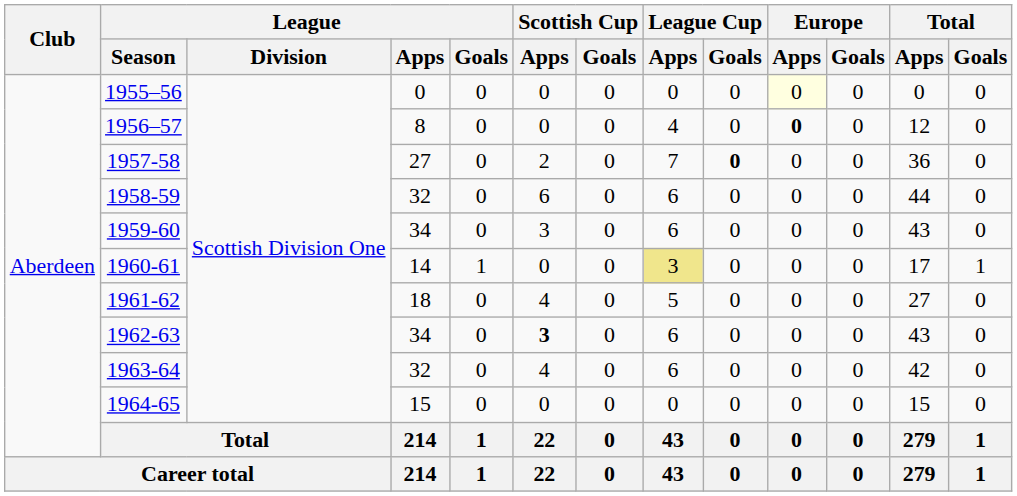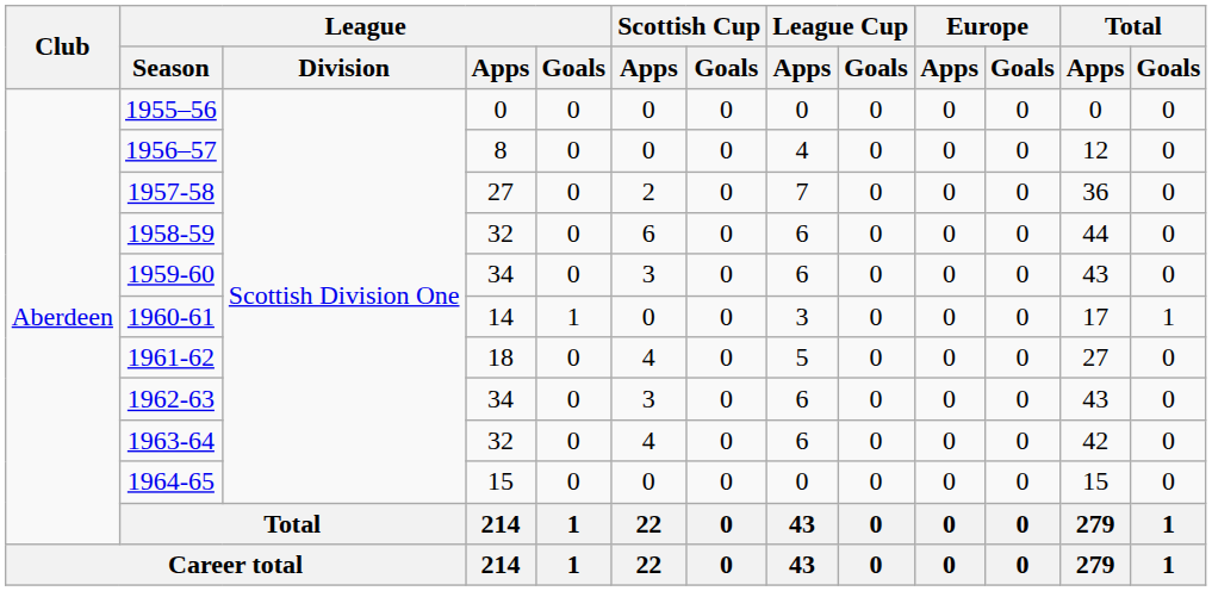 <table class="wikitable" style="text-align:center">
 <tr>
 <th rowspan="2">Club</th>
 <th colspan="4">League</th>
 <th colspan="2">Scottish Cup</th>
 <th colspan="2">League Cup</th>
 <th colspan="2">Europe</th>
 <th colspan="2">Total</th>
 </tr>
 <tr>
 <th>Season</th>
 <th>Division</th>
 <th>Apps</th>
 <th>Goals</th>
 <th>Apps</th>
 <th>Goals</th>
 <th>Apps</th>
 <th>Goals</th>
 <th>Apps</th>
 <th>Goals</th>
 <th>Apps</th>
 <th>Goals</th>
 </tr>
 <tr>
 <td rowspan="11"><a href='#'>Aberdeen</a></td>
 <td><a href='#'>1955–56</a></td>
 <td rowspan="10"><a href='#'>Scottish Division One</a></td>
 <td>0</td>
 <td>0</td>
 <td>0</td>
 <td>0</td>
 <td>0</td>
 <td>0</td>
-<td style="background: lightyellow;">0</td>
+<td>0</td>
 <td>0</td>
 <td>0</td>
 <td>0</td>
 </tr>
 <tr>
 <td><a href='#'>1956–57</a></td>
 <td>8</td>
 <td>0</td>
 <td>0</td>
 <td>0</td>
 <td>4</td>
 <td>0</td>
-<td><strong>0</strong></td>
+<td>0</td>
 <td>0</td>
 <td>12</td>
 <td>0</td>
 </tr>
 <tr>
 <td><a href='#'>1957-58</a></td>
 <td>27</td>
 <td>0</td>
 <td>2</td>
 <td>0</td>
 <td>7</td>
-<td><strong>0</strong></td>
+<td>0</td>
 <td>0</td>
 <td>0</td>
 <td>36</td>
 <td>0</td>
 </tr>
 <tr>
 <td><a href='#'>1958-59</a></td>
 <td>32</td>
 <td>0</td>
 <td>6</td>
 <td>0</td>
 <td>6</td>
 <td>0</td>
 <td>0</td>
 <td>0</td>
 <td>44</td>
 <td>0</td>
 </tr>
 <tr>
 <td><a href='#'>1959-60</a></td>
 <td>34</td>
 <td>0</td>
 <td>3</td>
 <td>0</td>
 <td>6</td>
 <td>0</td>
 <td>0</td>
 <td>0</td>
 <td>43</td>
 <td>0</td>
 </tr>
 <tr>
 <td><a href='#'>1960-61</a></td>
 <td>14</td>
 <td>1</td>
 <td>0</td>
 <td>0</td>
-<td style="background: khaki;">3</td>
+<td>3</td>
 <td>0</td>
 <td>0</td>
 <td>0</td>
 <td>17</td>
 <td>1</td>
 </tr>
 <tr>
 <td><a href='#'>1961-62</a></td>
 <td>18</td>
 <td>0</td>
 <td>4</td>
 <td>0</td>
 <td>5</td>
 <td>0</td>
 <td>0</td>
 <td>0</td>
 <td>27</td>
 <td>0</td>
 </tr>
 <tr>
 <td><a href='#'>1962-63</a></td>
 <td>34</td>
 <td>0</td>
-<td><strong>3</strong></td>
+<td>3</td>
 <td>0</td>
 <td>6</td>
 <td>0</td>
 <td>0</td>
 <td>0</td>
 <td>43</td>
 <td>0</td>
 </tr>
 <tr>
 <td><a href='#'>1963-64</a></td>
 <td>32</td>
 <td>0</td>
 <td>4</td>
 <td>0</td>
 <td>6</td>
 <td>0</td>
 <td>0</td>
 <td>0</td>
 <td>42</td>
 <td>0</td>
 </tr>
 <tr>
 <td><a href='#'>1964-65</a></td>
 <td>15</td>
 <td>0</td>
 <td>0</td>
 <td>0</td>
 <td>0</td>
 <td>0</td>
 <td>0</td>
 <td>0</td>
 <td>15</td>
 <td>0</td>
 </tr>
 <tr>
 <th colspan="2">Total</th>
 <th>214</th>
 <th>1</th>
 <th>22</th>
 <th>0</th>
 <th>43</th>
 <th>0</th>
 <th>0</th>
 <th>0</th>
 <th>279</th>
 <th>1</th>
 </tr>
 <tr>
 <th colspan="3">Career total</th>
 <th>214</th>
 <th>1</th>
 <th>22</th>
 <th>0</th>
 <th>43</th>
 <th>0</th>
 <th>0</th>
 <th>0</th>
 <th>279</th>
 <th>1</th>
 </tr>
 </table>
